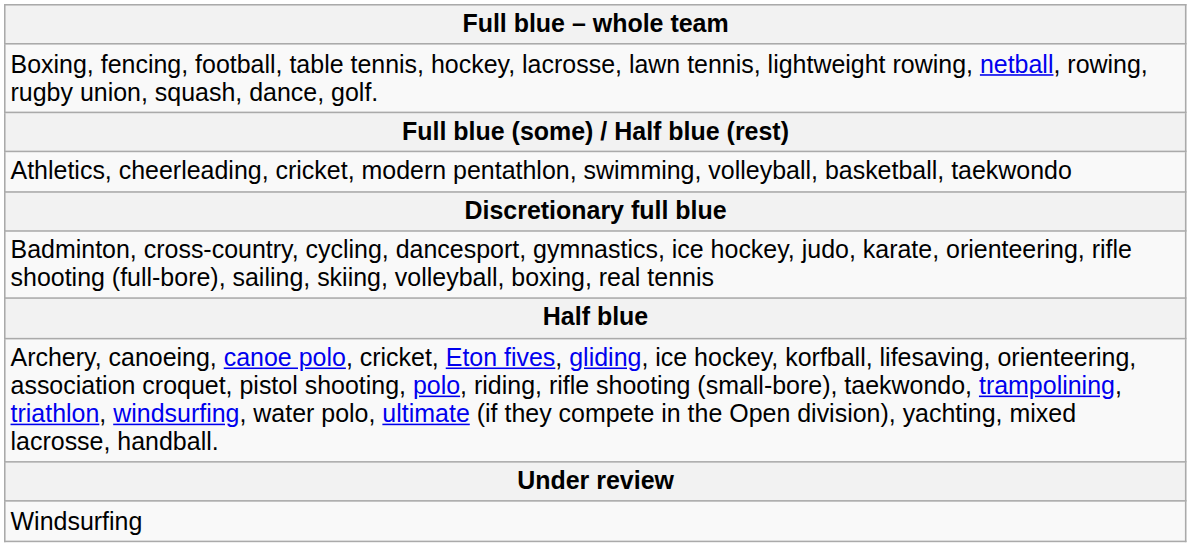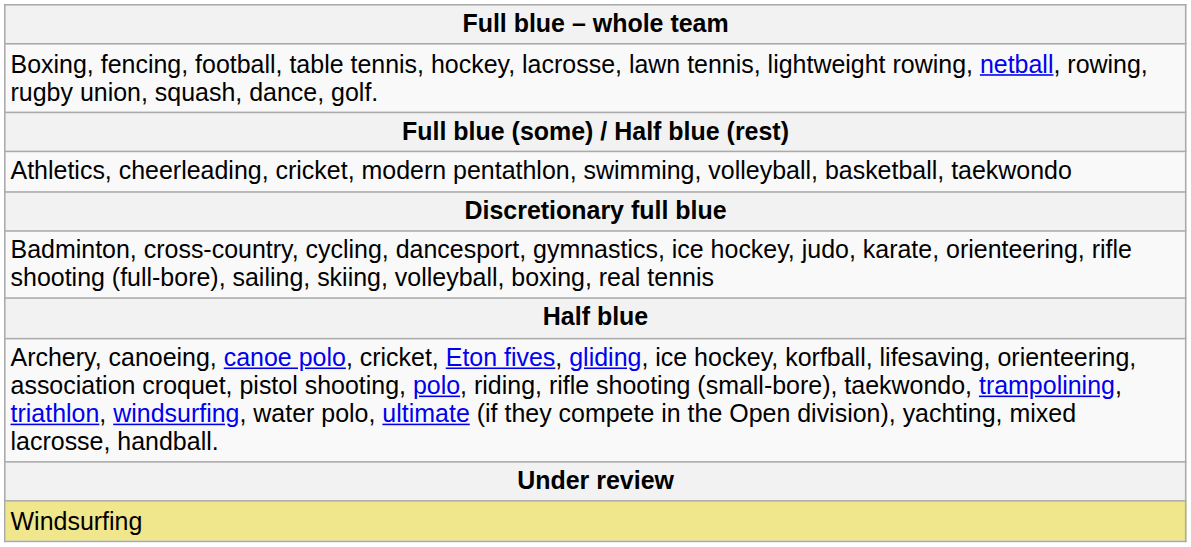 <table border="1" cellspacing="0" cellpadding="4" width="60%" class="wikitable">
 <tr>
 <th>Full blue – whole team</th>
 </tr>
 <tr>
 <td>Boxing, fencing, football, table tennis, hockey, lacrosse, lawn tennis, lightweight rowing, <a href='#'>netball</a>, rowing, rugby union, squash, dance, golf.</td>
 </tr>
 <tr>
 <th>Full blue (some) / Half blue (rest)</th>
 </tr>
 <tr>
 <td>Athletics, cheerleading, cricket, modern pentathlon, swimming, volleyball, basketball, taekwondo</td>
 </tr>
 <tr>
 <th>Discretionary full blue</th>
 </tr>
 <tr>
 <td>Badminton, cross-country, cycling, dancesport, gymnastics, ice hockey, judo, karate, orienteering, rifle shooting (full-bore), sailing, skiing, volleyball, boxing, real tennis</td>
 </tr>
 <tr>
 <th>Half blue</th>
 </tr>
 <tr>
 <td>Archery, canoeing, <a href='#'>canoe polo</a>, cricket, <a href='#'>Eton fives</a>, <a href='#'>gliding</a>, ice hockey, korfball, lifesaving, orienteering, association croquet, pistol shooting, <a href='#'>polo</a>, riding, rifle shooting (small-bore), taekwondo, <a href='#'>trampolining</a>, <a href='#'>triathlon</a>, <a href='#'>windsurfing</a>, water polo, <a href='#'>ultimate</a> (if they compete in the Open division), yachting, mixed lacrosse, handball.</td>
 </tr>
 <tr>
 <th>Under review</th>
 </tr>
 <tr>
-<td>Windsurfing</td>
+<td style="background: khaki;">Windsurfing</td>
 </tr>
 </table>
